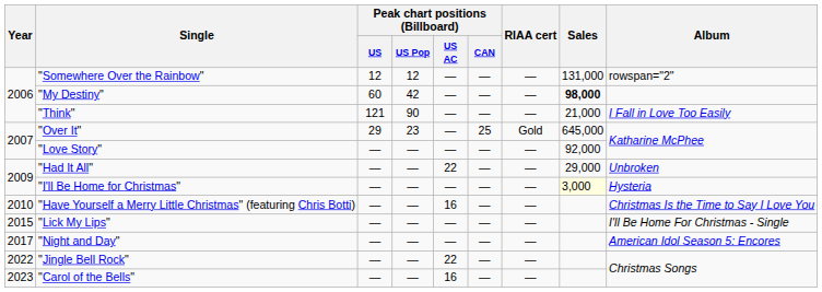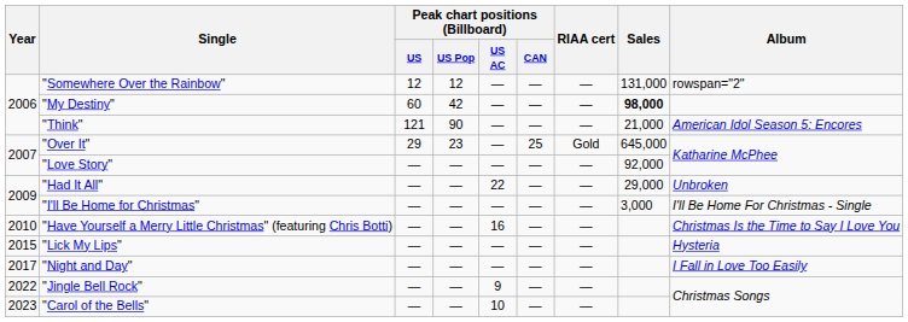 <table class="wikitable">
 <tr>
 <th rowspan="2">Year</th>
 <th rowspan="2">Single</th>
 <th colspan="4">Peak chart positions (Billboard)</th>
 <th rowspan="2">RIAA cert</th>
 <th rowspan="2">Sales</th>
 <th rowspan="2">Album</th>
 </tr>
 <tr>
 <th width="40"><small><a href='#'>US</a></small><br></th>
 <th width="50"><small><a href='#'>US Pop</a></small></th>
 <th width="40"><small><a href='#'>US AC</a></small><br></th>
 <th width="40"><small><a href='#'>CAN</a></small><br></th>
 </tr>
 <tr>
 <td rowspan="3">2006</td>
 <td>"<a href='#'>Somewhere Over the Rainbow</a>"</td>
 <td align="center">12</td>
 <td align="center">12</td>
 <td align="center">—</td>
 <td align="center">—</td>
 <td align="center">—</td>
 <td align="center">131,000</td>
 <td>rowspan="2" </td>
 </tr>
 <tr>
 <td>"<a href='#'>My Destiny</a>"</td>
 <td align="center">60</td>
 <td align="center">42</td>
 <td align="center">—</td>
 <td align="center">—</td>
 <td align="center">—</td>
 <td align="center"><strong>98,000</strong></td>
 </tr>
 <tr>
 <td>"<a href='#'>Think</a>"</td>
 <td align="center">121</td>
 <td align="center">90</td>
 <td align="center">—</td>
 <td align="center">—</td>
 <td align="center">—</td>
 <td align="center">21,000</td>
-<td><em><a href='#'>I Fall in Love Too Easily</a></em></td>
+<td><em><a href='#'>American Idol Season 5: Encores</a></em></td>
 </tr>
 <tr>
 <td rowspan="2">2007</td>
 <td>"<a href='#'>Over It</a>"</td>
 <td align="center">29</td>
 <td align="center">23</td>
 <td align="center">—</td>
 <td align="center">25</td>
 <td align="center">Gold</td>
 <td align="center">645,000</td>
 <td rowspan="2"><em><a href='#'>Katharine McPhee</a></em></td>
 </tr>
 <tr>
 <td>"<a href='#'>Love Story</a>"</td>
 <td align="center">—</td>
 <td align="center">—</td>
 <td align="center">—</td>
 <td align="center">—</td>
 <td align="center">—</td>
 <td align="center">92,000</td>
 </tr>
 <tr>
 <td rowspan="2">2009</td>
 <td>"<a href='#'>Had It All</a>"</td>
 <td align="center">—</td>
 <td align="center">—</td>
 <td align="center">22</td>
 <td align="center">—</td>
 <td align="center">—</td>
 <td align="center">29,000</td>
 <td><em><a href='#'>Unbroken</a></em></td>
 </tr>
 <tr>
 <td>"<a href='#'>I'll Be Home for Christmas</a>"</td>
 <td align="center">—</td>
 <td align="center">—</td>
 <td align="center">—</td>
 <td align="center">—</td>
 <td align="center">—</td>
-<td style="background: lightyellow;">3,000</td>
-<td><em><a href='#'>Hysteria</a></em></td>
+<td>3,000</td>
+<td><em>I'll Be Home For Christmas - Single</em></td>
 </tr>
 <tr>
 <td rowspan="1">2010</td>
 <td>"<a href='#'>Have Yourself a Merry Little Christmas</a>" (featuring <a href='#'>Chris Botti</a>)</td>
 <td align="center">—</td>
 <td align="center">—</td>
 <td align="center">16</td>
 <td align="center">—</td>
 <td align="center">—</td>
 <td align="center"></td>
 <td><em><a href='#'>Christmas Is the Time to Say I Love You</a></em></td>
 </tr>
 <tr>
 <td rowspan="1">2015</td>
 <td>"<a href='#'>Lick My Lips</a>"</td>
 <td align="center">—</td>
 <td align="center">—</td>
 <td align="center">—</td>
 <td align="center">—</td>
 <td align="center">—</td>
 <td align="center"></td>
-<td><em>I'll Be Home For Christmas - Single</em></td>
+<td><em><a href='#'>Hysteria</a></em></td>
 </tr>
 <tr>
 <td>2017</td>
 <td>"<a href='#'>Night and Day</a>"</td>
 <td align="center">—</td>
 <td align="center">—</td>
 <td align="center">—</td>
 <td align="center">—</td>
 <td align="center">—</td>
 <td align="center"></td>
-<td><em><a href='#'>American Idol Season 5: Encores</a></em></td>
+<td><em><a href='#'>I Fall in Love Too Easily</a></em></td>
 </tr>
 <tr>
 <td>2022</td>
 <td>"<a href='#'>Jingle Bell Rock</a>"<br></td>
 <td align="center">—</td>
 <td align="center">—</td>
-<td align="center">22</td>
+<td align="center">9</td>
 <td align="center">—</td>
 <td align="center">—</td>
 <td align="center"></td>
 <td rowspan="2"><em>Christmas Songs</em></td>
 </tr>
 <tr>
 <td>2023</td>
 <td>"<a href='#'>Carol of the Bells</a>"<br></td>
 <td align="center">—</td>
 <td align="center">—</td>
-<td align="center">16</td>
+<td align="center">10</td>
 <td align="center">—</td>
 <td align="center">—</td>
 <td align="center"></td>
 </tr>
 </table>
